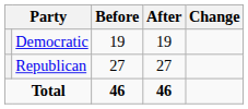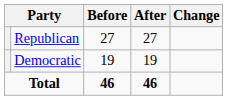 <table class="wikitable" style="text-align:center;">
 <tr>
 <th colspan="2">Party</th>
 <th>Before</th>
 <th>After</th>
 <th>Change</th>
 </tr>
 <tr>
 <th style="background-color:"></th>
-<td style="text-align:left;"><a href='#'>Democratic</a></td>
-<td>19</td>
-<td>19</td>
+<td style="text-align:left;"><a href='#'>Republican</a></td>
+<td>27</td>
+<td>27</td>
 <td></td>
 </tr>
 <tr>
 <th style="background-color:"></th>
-<td style="text-align:left;"><a href='#'>Republican</a></td>
-<td>27</td>
-<td>27</td>
+<td style="text-align:left;"><a href='#'>Democratic</a></td>
+<td>19</td>
+<td>19</td>
 <td></td>
 </tr>
 <tr>
 <td colspan="2"><strong>Total</strong></td>
 <td><strong>46</strong></td>
 <td><strong>46</strong></td>
 <td></td>
 </tr>
 </table>
